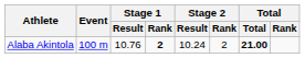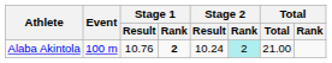 <table class="wikitable" style="font-size:90%">
 <tr>
 <th rowspan=2>Athlete</th>
 <th rowspan=2>Event</th>
 <th colspan=2>Stage 1</th>
 <th colspan=2>Stage 2</th>
 <th colspan=2>Total</th>
 </tr>
 <tr style="font-size:95%">
 <th>Result</th>
 <th>Rank</th>
 <th>Result</th>
 <th>Rank</th>
 <th>Total</th>
 <th>Rank</th>
 </tr>
 <tr align=center>
 <td align=left><a href='#'>Alaba Akintola</a></td>
 <td align=left><a href='#'>100 m</a></td>
 <td>10.76</td>
 <td><strong>2</strong></td>
 <td>10.24</td>
-<td>2</td>
-<td><strong>21.00</strong></td>
+<td style="background: paleturquoise;">2</td>
+<td>21.00</td>
 <td></td>
 </tr>
 </table>
